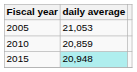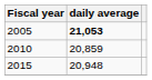 <table class="wikitable">
 <tr>
 <th>Fiscal year</th>
 <th>daily average</th>
 <th></th>
 </tr>
 <tr>
 <td>2005</td>
-<td>21,053</td>
+<td><strong>21,053</strong></td>
 <td></td>
 </tr>
 <tr>
 <td>2010</td>
 <td>20,859</td>
 <td></td>
 </tr>
 <tr>
 <td>2015</td>
-<td style="background: paleturquoise;">20,948</td>
+<td>20,948</td>
 <td></td>
 </tr>
 <tr>
 </tr>
 </table>
